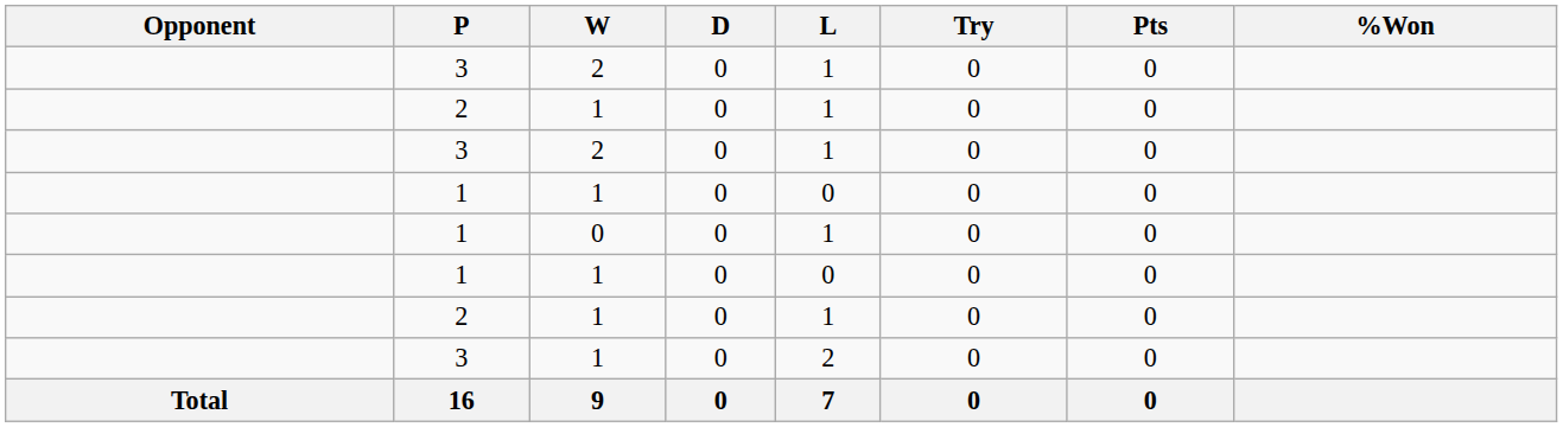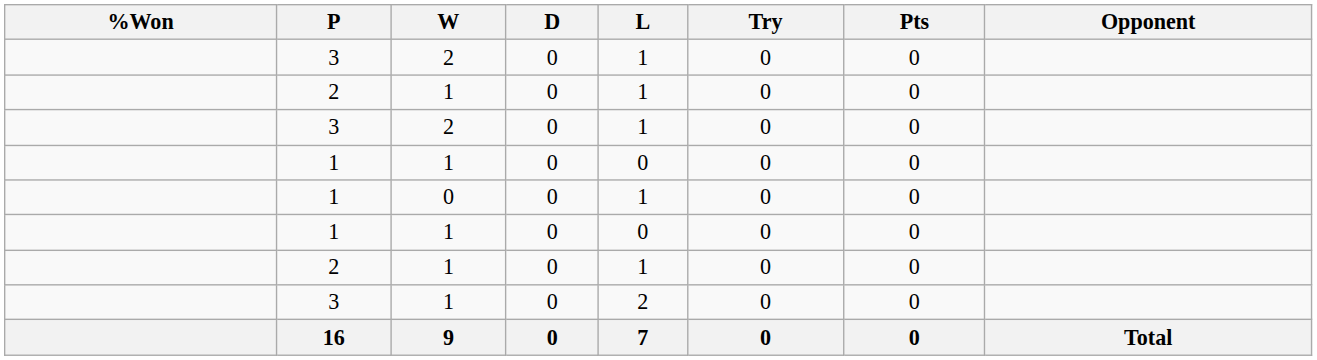 <table class="wikitable sortable" style="text-align:center;width:75%">
 <tr>
-<th style="width:25%;">Opponent</th>
+<th abbr="Won" style="width:15px;">%Won</th>
 <th abbr="Played" style="width:15px;">P</th>
 <th abbr="Won" style="width:10px;">W</th>
 <th abbr="Drawn" style="width:10px;">D</th>
 <th abbr="Lost" style="width:10px;">L</th>
 <th abbr="Tries" style="width:15px;">Try</th>
 <th abbr="Points" style="width:18px;">Pts</th>
-<th abbr="Won" style="width:15px;">%Won</th>
+<th style="width:25%;">Opponent</th>
 </tr>
 <tr>
-<td align="left"></td>
+<td></td>
 <td>3</td>
 <td>2</td>
 <td>0</td>
 <td>1</td>
 <td>0</td>
 <td>0</td>
-<td></td>
+<td align="left"></td>
 </tr>
 <tr>
-<td align="left"></td>
+<td></td>
 <td>2</td>
 <td>1</td>
 <td>0</td>
 <td>1</td>
 <td>0</td>
 <td>0</td>
-<td></td>
+<td align="left"></td>
 </tr>
 <tr>
-<td align="left"></td>
+<td></td>
 <td>3</td>
 <td>2</td>
 <td>0</td>
 <td>1</td>
 <td>0</td>
 <td>0</td>
-<td></td>
+<td align="left"></td>
 </tr>
 <tr>
-<td align="left"></td>
+<td></td>
 <td>1</td>
 <td>1</td>
 <td>0</td>
 <td>0</td>
 <td>0</td>
 <td>0</td>
-<td></td>
+<td align="left"></td>
 </tr>
 <tr>
-<td align="left"></td>
+<td></td>
 <td>1</td>
 <td>0</td>
 <td>0</td>
 <td>1</td>
 <td>0</td>
 <td>0</td>
-<td></td>
+<td align="left"></td>
 </tr>
 <tr>
-<td align="left"></td>
+<td></td>
 <td>1</td>
 <td>1</td>
 <td>0</td>
 <td>0</td>
 <td>0</td>
 <td>0</td>
-<td></td>
+<td align="left"></td>
 </tr>
 <tr>
-<td align="left"></td>
+<td></td>
 <td>2</td>
 <td>1</td>
 <td>0</td>
 <td>1</td>
 <td>0</td>
 <td>0</td>
-<td></td>
+<td align="left"></td>
 </tr>
 <tr>
-<td align="left"></td>
+<td></td>
 <td>3</td>
 <td>1</td>
 <td>0</td>
 <td>2</td>
 <td>0</td>
 <td>0</td>
-<td></td>
+<td align="left"></td>
 </tr>
 <tr>
-<th>Total</th>
+<th></th>
 <th>16</th>
 <th>9</th>
 <th>0</th>
 <th>7</th>
 <th>0</th>
 <th>0</th>
-<th></th>
+<th>Total</th>
 </tr>
 </table>
